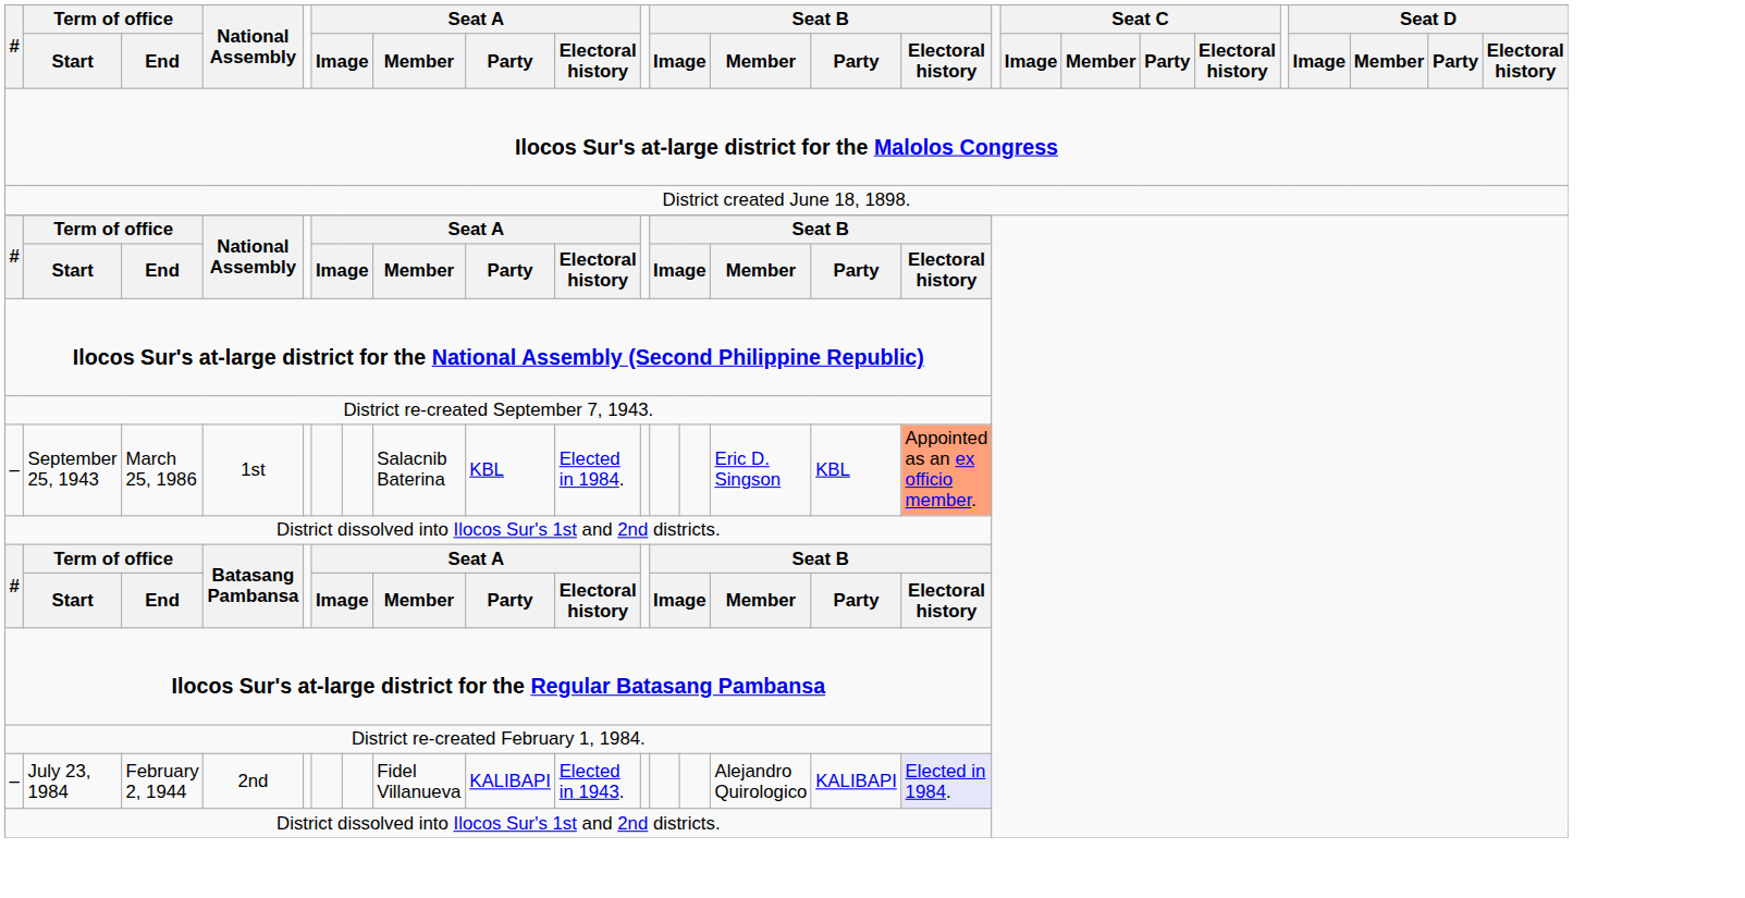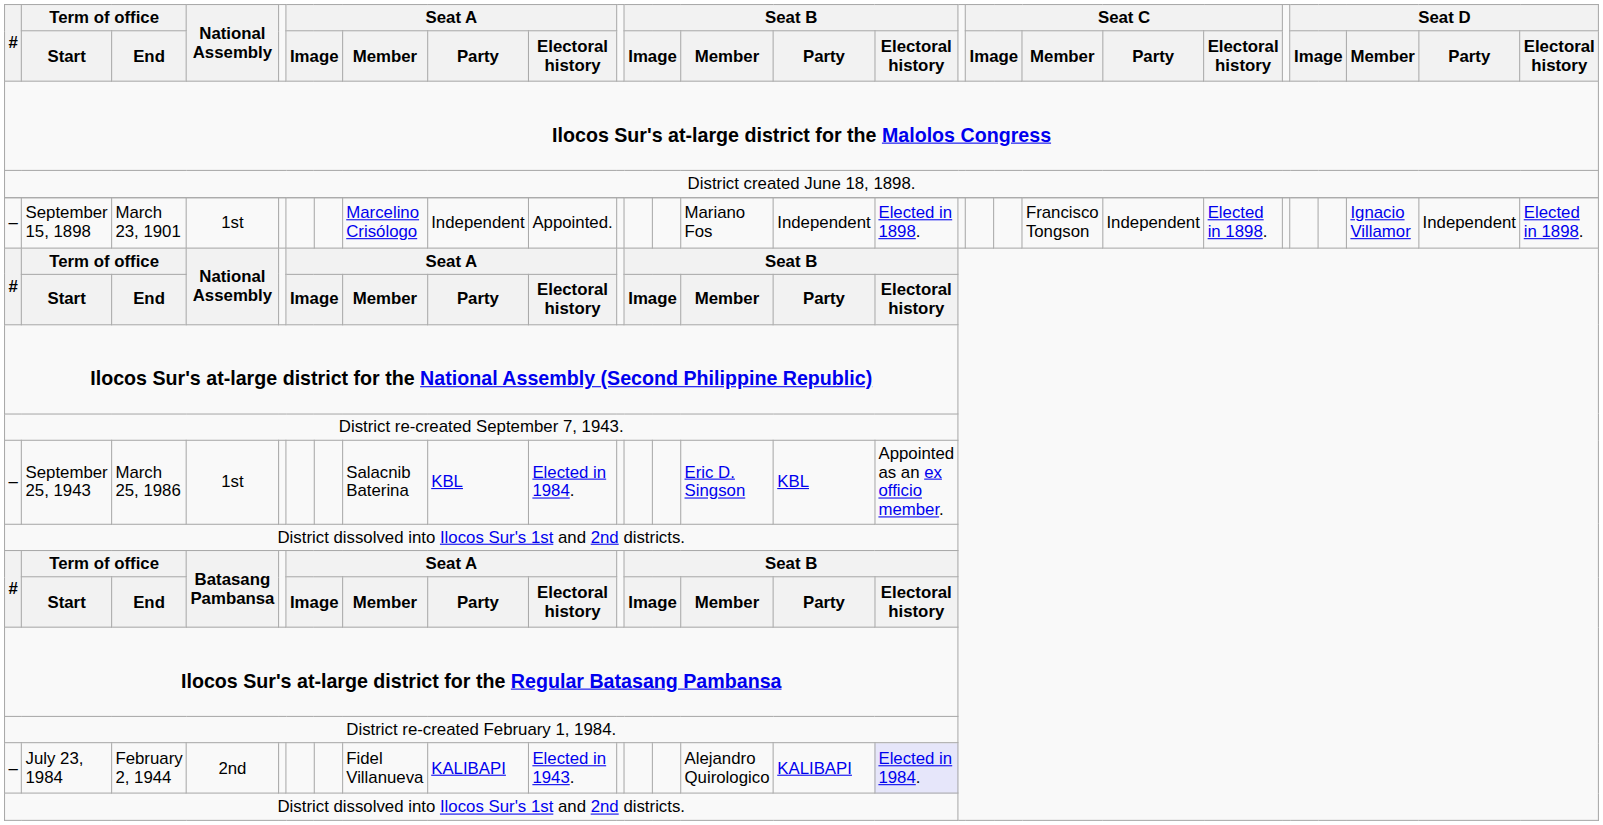 <table class=wikitable>
 <tr>
 <th rowspan=2>#</th>
 <th colspan=2>Term of office</th>
 <th rowspan=2>National<br>Assembly</th>
 <td rowspan=2></td>
 <th colspan=5>Seat A</th>
 <td rowspan=2></td>
 <th colspan=5>Seat B</th>
 <td rowspan=2></td>
 <th colspan=5>Seat C</th>
 <td rowspan=2></td>
 <th colspan=5>Seat D</th>
 </tr>
 <tr style="height:3em">
 <th>Start</th>
 <th>End</th>
 <th colspan="2" style="text-align:center;">Image</th>
 <th>Member</th>
 <th>Party</th>
 <th>Electoral history</th>
 <th colspan="2" style="text-align:center;">Image</th>
 <th>Member</th>
 <th>Party</th>
 <th>Electoral history</th>
 <th colspan="2" style="text-align:center;">Image</th>
 <th>Member</th>
 <th>Party</th>
 <th>Electoral history</th>
 <th colspan="2" style="text-align:center;">Image</th>
 <th>Member</th>
 <th>Party</th>
 <th>Electoral history</th>
 </tr>
 <tr>
 <td colspan="28" style="text-align:center;"><br><h3>Ilocos Sur's at-large district for the <a href='#'>Malolos Congress</a></h3></td>
 </tr>
 <tr>
 <td colspan="28" style="text-align:center;">District created June 18, 1898.</td>
 </tr>
 <tr>
+</tr>
+<tr style="height:3em">
+<td style="text-align:center;">–</td>
+<td>September 15, 1898</td>
+<td>March 23, 1901</td>
+<td style="text-align:center;">1st</td>
+<td></td>
+<td style="background:"></td>
+<td></td>
+<td><a href='#'>Marcelino Crisólogo</a></td>
+<td>Independent</td>
+<td>Appointed.</td>
+<td></td>
+<td style="background:"></td>
+<td></td>
+<td>Mariano Fos</td>
+<td>Independent</td>
+<td><a href='#'>Elected in 1898</a>.</td>
+<td></td>
+<td style="background:"></td>
+<td></td>
+<td>Francisco Tongson</td>
+<td>Independent</td>
+<td><a href='#'>Elected in 1898</a>.</td>
+<td></td>
+<td style="background:"></td>
+<td></td>
+<td><a href='#'>Ignacio Villamor</a></td>
+<td>Independent</td>
+<td><a href='#'>Elected in 1898</a>.</td>
 </tr>
 <tr>
 <th rowspan=2>#</th>
 <th colspan=2>Term of office</th>
 <th rowspan=2>National<br>Assembly</th>
 <td rowspan=2></td>
 <th colspan=5>Seat A</th>
 <td rowspan=2></td>
 <th colspan=5>Seat B</th>
 </tr>
 <tr style="height:3em">
 <th>Start</th>
 <th>End</th>
 <th colspan="2" style="text-align:center;">Image</th>
 <th>Member</th>
 <th>Party</th>
 <th>Electoral history</th>
 <th colspan="2" style="text-align:center;">Image</th>
 <th>Member</th>
 <th>Party</th>
 <th>Electoral history</th>
 </tr>
 <tr>
 <td colspan="16" style="text-align:center;"><br><h3>Ilocos Sur's at-large district for the <a href='#'>National Assembly (Second Philippine Republic)</a></h3></td>
 </tr>
 <tr>
 <td colspan="16" style="text-align:center;">District re-created September 7, 1943.</td>
 </tr>
 <tr>
 <td style="text-align:center;">–</td>
 <td>September 25, 1943</td>
 <td>March 25, 1986</td>
 <td style="text-align:center;">1st</td>
 <td></td>
 <td style="background:"></td>
 <td></td>
 <td>Salacnib Baterina</td>
 <td><a href='#'>KBL</a></td>
 <td><a href='#'>Elected in 1984</a>.</td>
 <td></td>
 <td style="background:"></td>
 <td></td>
 <td><a href='#'>Eric D. Singson</a></td>
 <td><a href='#'>KBL</a></td>
-<td style="background: lightsalmon;">Appointed as an <a href='#'>ex officio member</a>.</td>
+<td>Appointed as an <a href='#'>ex officio member</a>.</td>
 </tr>
 <tr>
 <td colspan="16" style="text-align:center;">District dissolved into <a href='#'>Ilocos Sur's 1st</a> and <a href='#'>2nd</a> districts.</td>
 </tr>
 <tr>
 <th rowspan=2>#</th>
 <th colspan=2>Term of office</th>
 <th rowspan=2>Batasang<br>Pambansa</th>
 <td rowspan=2></td>
 <th colspan=5>Seat A</th>
 <td rowspan=2></td>
 <th colspan=5>Seat B</th>
 </tr>
 <tr style="height:3em">
 <th>Start</th>
 <th>End</th>
 <th colspan="2" style="text-align:center;">Image</th>
 <th>Member</th>
 <th>Party</th>
 <th>Electoral history</th>
 <th colspan="2" style="text-align:center;">Image</th>
 <th>Member</th>
 <th>Party</th>
 <th>Electoral history</th>
 </tr>
 <tr>
 <td colspan="16" style="text-align:center;"><br><h3>Ilocos Sur's at-large district for the <a href='#'>Regular Batasang Pambansa</a></h3></td>
 </tr>
 <tr>
 <td colspan="16" style="text-align:center;">District re-created February 1, 1984.</td>
 </tr>
 <tr style="height:3em">
 <td style="text-align:center;">–</td>
 <td>July 23, 1984</td>
 <td>February 2, 1944</td>
 <td style="text-align:center;">2nd</td>
 <td></td>
 <td style="background:"></td>
 <td></td>
 <td>Fidel Villanueva</td>
 <td><a href='#'>KALIBAPI</a></td>
 <td><a href='#'>Elected in 1943</a>.</td>
 <td></td>
 <td style="background:"></td>
 <td></td>
 <td>Alejandro Quirologico</td>
 <td><a href='#'>KALIBAPI</a></td>
 <td style="background: lavender;"><a href='#'>Elected in 1984</a>.</td>
 </tr>
 <tr>
 <td colspan="16" style="text-align:center;">District dissolved into <a href='#'>Ilocos Sur's 1st</a> and <a href='#'>2nd</a> districts.</td>
 </tr>
 </table>
